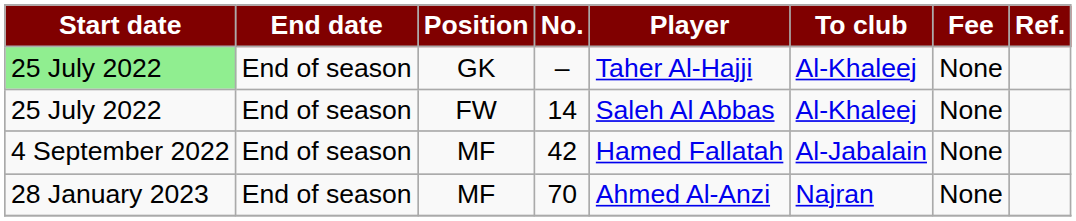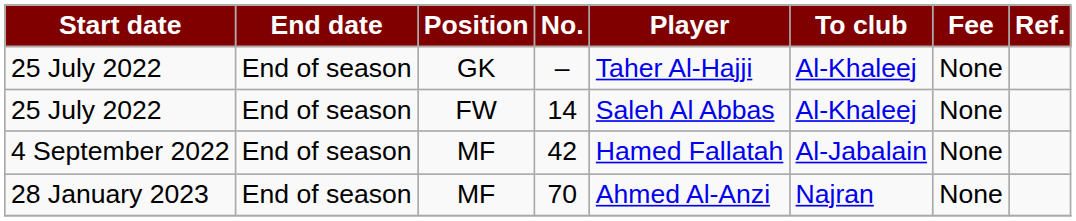 <table class="wikitable sortable">
 <tr>
 <th style="background:maroon; color:white;"><strong>Start date</strong></th>
 <th style="background:maroon; color:white;"><strong>End date</strong></th>
 <th style="background:maroon; color:white;"><strong>Position</strong></th>
 <th style="background:maroon; color:white;"><strong>No.</strong></th>
 <th style="background:maroon; color:white;"><strong>Player</strong></th>
 <th style="background:maroon; color:white;"><strong>To club</strong></th>
 <th style="background:maroon; color:white;"><strong>Fee</strong></th>
 <th style="background:maroon; color:white;"><strong>Ref.</strong></th>
 </tr>
 <tr>
-<td style="background: lightgreen;">25 July 2022</td>
+<td>25 July 2022</td>
 <td>End of season</td>
 <td style="text-align:center;">GK</td>
 <td style="text-align:center;">–</td>
 <td style="text-align:left;"> <a href='#'>Taher Al-Hajji</a></td>
 <td style="text-align:left;"> <a href='#'>Al-Khaleej</a></td>
 <td>None</td>
 <td></td>
 </tr>
 <tr>
 <td>25 July 2022</td>
 <td>End of season</td>
 <td style="text-align:center;">FW</td>
 <td style="text-align:center;">14</td>
 <td style="text-align:left;"> <a href='#'>Saleh Al Abbas</a></td>
 <td style="text-align:left;"> <a href='#'>Al-Khaleej</a></td>
 <td>None</td>
 <td></td>
 </tr>
 <tr>
 <td>4 September 2022</td>
 <td>End of season</td>
 <td style="text-align:center;">MF</td>
 <td style="text-align:center;">42</td>
 <td style="text-align:left;"> <a href='#'>Hamed Fallatah</a></td>
 <td style="text-align:left;"> <a href='#'>Al-Jabalain</a></td>
 <td>None</td>
 <td></td>
 </tr>
 <tr>
 <td>28 January 2023</td>
 <td>End of season</td>
 <td style="text-align:center;">MF</td>
 <td style="text-align:center;">70</td>
 <td style="text-align:left;"> <a href='#'>Ahmed Al-Anzi</a></td>
 <td style="text-align:left;"> <a href='#'>Najran</a></td>
 <td>None</td>
 <td></td>
 </tr>
 <tr>
 </tr>
 </table>
